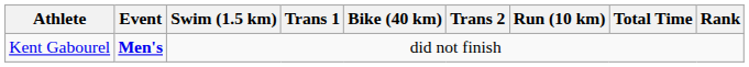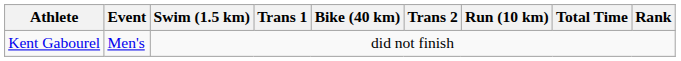 <table class="wikitable" style="font-size:90%">
 <tr>
 <th>Athlete</th>
 <th>Event</th>
 <th>Swim (1.5 km)</th>
 <th>Trans 1</th>
 <th>Bike (40 km)</th>
 <th>Trans 2</th>
 <th>Run (10 km)</th>
 <th>Total Time</th>
 <th>Rank</th>
 </tr>
 <tr align=center>
 <td align=left><a href='#'>Kent Gabourel</a></td>
-<td align=left><strong><a href='#'>Men's</a></strong></td>
+<td align=left><a href='#'>Men's</a></td>
 <td colspan=7>did not finish</td>
 </tr>
 </table>
